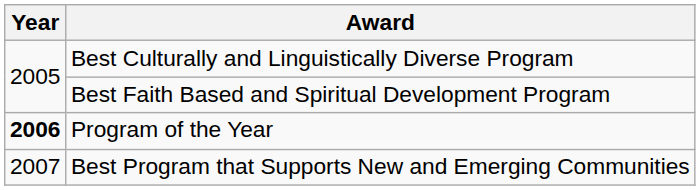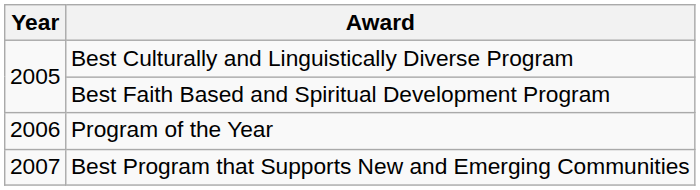 <table class="wikitable">
 <tr>
 <th>Year</th>
 <th>Award</th>
 </tr>
 <tr>
 <td rowspan="2">2005</td>
 <td>Best Culturally and Linguistically Diverse Program</td>
 </tr>
 <tr>
 <td>Best Faith Based and Spiritual Development Program</td>
 </tr>
 <tr>
-<td><strong>2006</strong></td>
+<td>2006</td>
 <td>Program of the Year</td>
 </tr>
 <tr>
 <td>2007</td>
 <td>Best Program that Supports New and Emerging Communities</td>
 </tr>
 </table>
